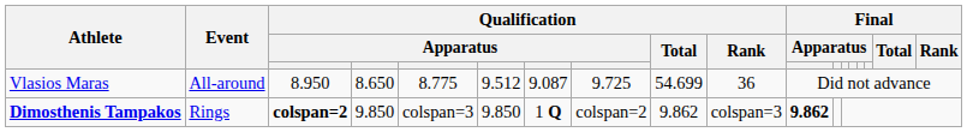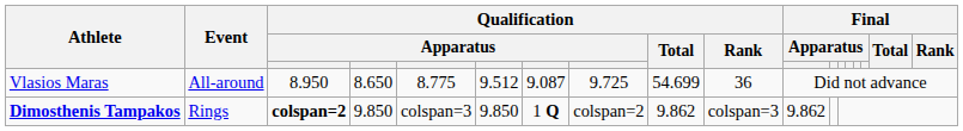 <table class="wikitable" style="font-size:90%">
 <tr>
 <th rowspan=3>Athlete</th>
 <th rowspan=3>Event</th>
 <th colspan =8>Qualification</th>
 <th colspan =8>Final</th>
 </tr>
 <tr style="font-size:95%">
 <th colspan=6>Apparatus</th>
 <th rowspan=2>Total</th>
 <th rowspan=2>Rank</th>
 <th colspan=6>Apparatus</th>
 <th rowspan=2>Total</th>
 <th rowspan=2>Rank</th>
 </tr>
 <tr style="font-size:95%">
 <th></th>
 <th></th>
 <th></th>
 <th></th>
 <th></th>
 <th></th>
 <th></th>
 <th></th>
 <th></th>
 <th></th>
 <th></th>
 <th></th>
 </tr>
 <tr align=center>
 <td align=left><a href='#'>Vlasios Maras</a></td>
 <td align=left><a href='#'>All-around</a></td>
 <td>8.950</td>
 <td>8.650</td>
 <td>8.775</td>
 <td>9.512</td>
 <td>9.087</td>
 <td>9.725</td>
 <td>54.699</td>
 <td>36</td>
 <td colspan=8>Did not advance</td>
 </tr>
 <tr align=center>
 <td align=left><strong><a href='#'>Dimosthenis Tampakos</a></strong></td>
 <td align=left><a href='#'>Rings</a></td>
 <td><strong>colspan=2 </strong></td>
 <td>9.850</td>
 <td>colspan=3 </td>
 <td>9.850</td>
 <td>1 <strong>Q</strong></td>
 <td>colspan=2 </td>
 <td>9.862</td>
 <td>colspan=3 </td>
-<td><strong>9.862</strong></td>
+<td>9.862</td>
 <td></td>
 </tr>
 </table>
